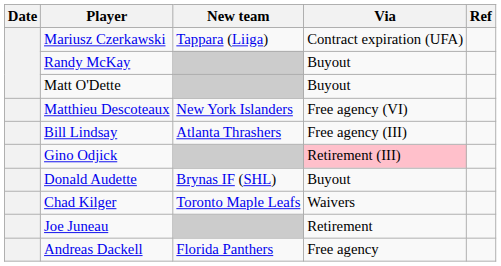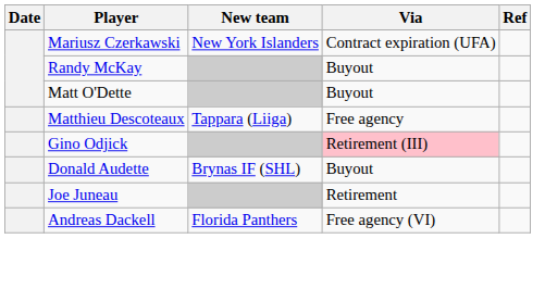 <table class="wikitable plainrowheaders">
 <tr style="background:#ddd; text-align:center;">
 <th>Date</th>
 <th>Player</th>
 <th>New team</th>
 <th>Via</th>
 <th>Ref</th>
 </tr>
 <tr>
 <th scope="row" rowspan=3></th>
 <td><a href='#'>Mariusz Czerkawski</a></td>
-<td><a href='#'>Tappara</a> (<a href='#'>Liiga</a>)</td>
+<td><a href='#'>New York Islanders</a></td>
 <td>Contract expiration (UFA)</td>
 <td></td>
 </tr>
 <tr>
 <td><a href='#'>Randy McKay</a></td>
 <td style="background:#ccc"></td>
 <td>Buyout</td>
 <td></td>
 </tr>
 <tr>
 <td>Matt O'Dette</td>
 <td style="background:#ccc"></td>
 <td>Buyout</td>
 <td></td>
 </tr>
 <tr>
 <th scope="row"></th>
 <td><a href='#'>Matthieu Descoteaux</a></td>
-<td><a href='#'>New York Islanders</a></td>
-<td>Free agency (VI)</td>
-<td></td>
-</tr>
-<tr>
-<th scope="row"></th>
-<td><a href='#'>Bill Lindsay</a></td>
-<td><a href='#'>Atlanta Thrashers</a></td>
-<td>Free agency (III)</td>
+<td><a href='#'>Tappara</a> (<a href='#'>Liiga</a>)</td>
+<td>Free agency</td>
 <td></td>
 </tr>
 <tr>
 <th scope="row"></th>
 <td><a href='#'>Gino Odjick</a></td>
 <td style="background:#ccc"></td>
 <td style="background: pink;">Retirement (III)</td>
 <td></td>
 </tr>
 <tr>
 <th scope="row"></th>
 <td><a href='#'>Donald Audette</a></td>
 <td><a href='#'>Brynas IF</a> (<a href='#'>SHL</a>)</td>
 <td>Buyout</td>
 <td></td>
 </tr>
 <tr>
 <th scope="row"></th>
-<td><a href='#'>Chad Kilger</a></td>
-<td><a href='#'>Toronto Maple Leafs</a></td>
-<td>Waivers</td>
-<td></td>
-</tr>
-<tr>
-<th scope="row"></th>
 <td><a href='#'>Joe Juneau</a></td>
 <td style="background:#ccc"></td>
 <td>Retirement</td>
 <td></td>
 </tr>
 <tr>
 <th scope="row"></th>
 <td><a href='#'>Andreas Dackell</a></td>
 <td><a href='#'>Florida Panthers</a></td>
-<td>Free agency</td>
+<td>Free agency (VI)</td>
 <td></td>
 </tr>
 </table>
